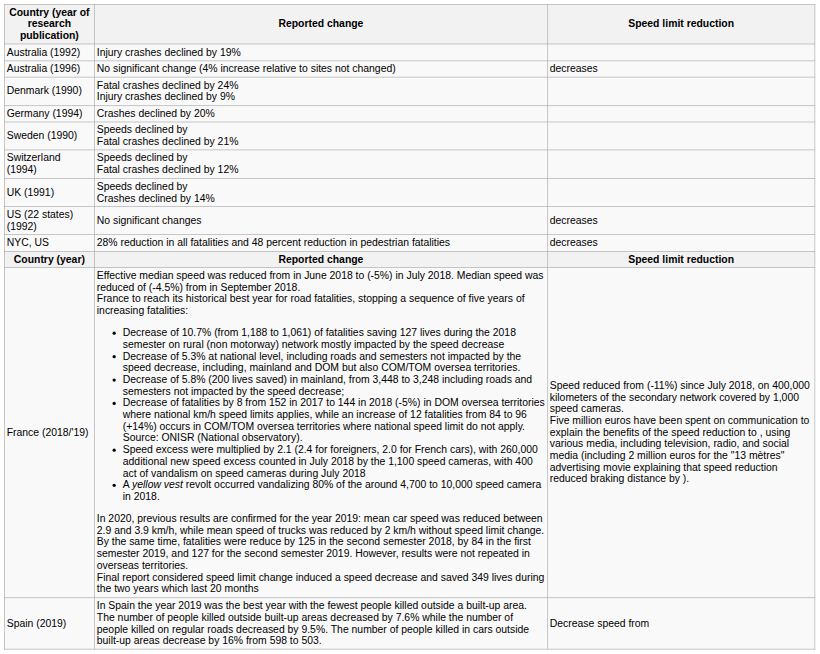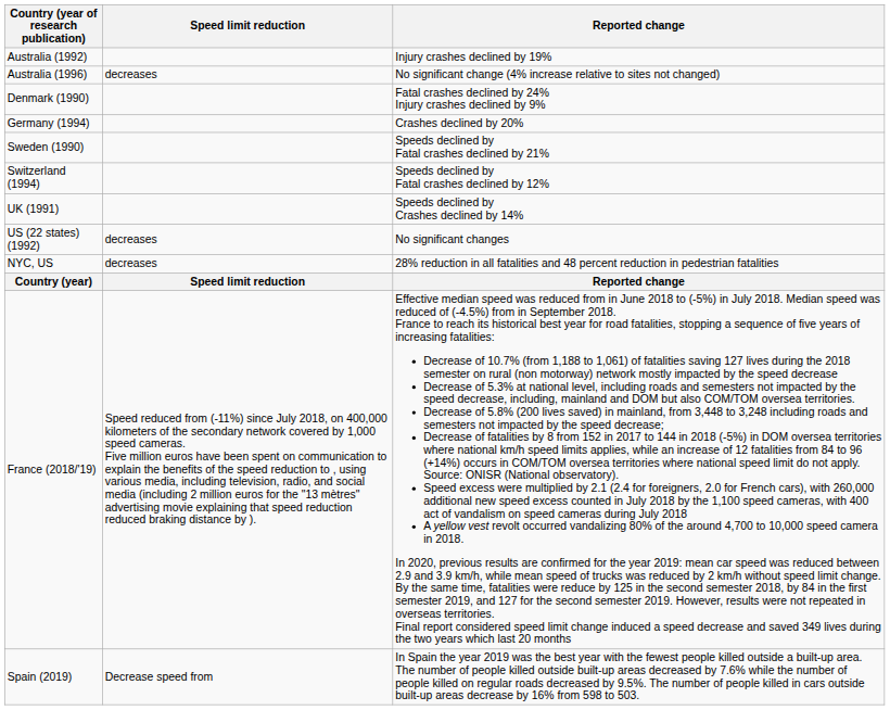 <table class="wikitable sortable">
 <tr>
 <th>Country (year of research publication)</th>
+<th width=33%>Speed limit reduction</th>
 <th>Reported change</th>
-<th width=33%>Speed limit reduction</th>
 </tr>
 <tr>
 <td>Australia (1992)</td>
+<td></td>
 <td>Injury crashes declined by 19%</td>
-<td></td>
 </tr>
 <tr>
 <td>Australia (1996)</td>
+<td> decreases</td>
 <td>No significant change (4% increase relative to sites not changed)</td>
-<td> decreases</td>
 </tr>
 <tr>
 <td>Denmark (1990)</td>
+<td></td>
 <td>Fatal crashes declined by 24%<br>Injury crashes declined by 9%</td>
-<td></td>
 </tr>
 <tr>
 <td>Germany (1994)</td>
+<td></td>
 <td>Crashes declined by 20%</td>
-<td></td>
 </tr>
 <tr>
 <td>Sweden (1990)</td>
+<td></td>
 <td>Speeds declined by <br>Fatal crashes declined by 21%</td>
-<td></td>
 </tr>
 <tr>
 <td>Switzerland (1994)</td>
+<td></td>
 <td>Speeds declined by <br>Fatal crashes declined by 12%</td>
-<td></td>
 </tr>
 <tr>
 <td>UK (1991)</td>
+<td></td>
 <td>Speeds declined by <br>Crashes declined by 14%</td>
-<td></td>
 </tr>
 <tr>
 <td>US (22 states) (1992)</td>
+<td> decreases</td>
 <td>No significant changes</td>
-<td> decreases</td>
 </tr>
 <tr>
 <td>NYC, US</td>
+<td> decreases</td>
 <td>28% reduction in all fatalities and 48 percent reduction in pedestrian fatalities</td>
-<td> decreases</td>
 </tr>
 <tr>
 <th>Country (year)</th>
+<th>Speed limit reduction</th>
 <th>Reported change</th>
-<th>Speed limit reduction</th>
 </tr>
 <tr>
 <td>France (2018/'19)</td>
+<td>Speed reduced from  (-11%) since July 2018, on 400,000 kilometers of the secondary network covered by 1,000 speed cameras.<br>Five million euros have been spent on communication to explain the benefits of the speed reduction to , using various media, including television, radio, and social media (including 2 million euros for the "13 mètres" advertising movie explaining that speed reduction reduced braking distance by ).</td>
 <td>Effective median speed was reduced from  in June 2018 to  (-5%) in July 2018. Median speed was reduced of  (-4.5%) from  in September 2018.<br>France to reach its historical best year for road fatalities, stopping a sequence of five years of increasing fatalities:<ul><li>Decrease of 10.7% (from 1,188 to 1,061) of fatalities saving 127 lives during the 2018 semester on rural (non motorway) network mostly impacted by the speed decrease</li><li>Decrease of 5.3% at national level, including roads and semesters not impacted by the speed decrease, including, mainland and DOM but also COM/TOM oversea territories.</li><li>Decrease of 5.8% (200 lives saved) in mainland, from 3,448 to 3,248 including roads and semesters not impacted by the speed decrease;</li><li>Decrease of fatalities by 8 from 152 in 2017 to 144 in 2018 (-5%) in DOM oversea territories where national km/h speed limits applies, while an increase of 12 fatalities from 84 to 96 (+14%) occurs in COM/TOM oversea territories where national  speed limit do not apply. <br>Source: ONISR (National observatory).</li><li>Speed excess were multiplied by 2.1 (2.4 for foreigners, 2.0 for French cars), with 260,000 additional new speed excess counted in July 2018 by the 1,100 speed cameras, with 400 act of vandalism on speed cameras during July 2018</li><li>A <em>yellow vest</em> revolt occurred vandalizing 80% of the around 4,700 to 10,000 speed camera in 2018.</li></ul>In 2020, previous results are confirmed for the year 2019: mean car speed was reduced between 2.9 and 3.9 km/h, while mean speed of trucks was reduced by 2 km/h without speed limit change. By the same time, fatalities were reduce by 125 in the second semester 2018, by 84 in the first semester 2019, and 127 for the second semester 2019. However, results were not repeated in overseas territories.<br>Final report considered speed limit change induced a  speed decrease and saved 349 lives during the two years which last 20 months</td>
-<td>Speed reduced from  (-11%) since July 2018, on 400,000 kilometers of the secondary network covered by 1,000 speed cameras.<br>Five million euros have been spent on communication to explain the benefits of the speed reduction to , using various media, including television, radio, and social media (including 2 million euros for the "13 mètres" advertising movie explaining that speed reduction reduced braking distance by ).</td>
 </tr>
 <tr>
 <td>Spain (2019)</td>
+<td>Decrease speed from </td>
 <td>In Spain the year 2019 was the best year with the fewest people killed outside a built-up area.<br>The number of people killed outside built-up areas decreased by 7.6% while the number of people killed on regular roads decreased by 9.5%. The number of people killed in cars outside built-up areas decrease by 16% from 598 to 503.</td>
-<td>Decrease speed from </td>
 </tr>
 </table>
